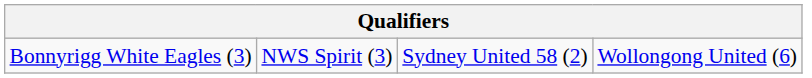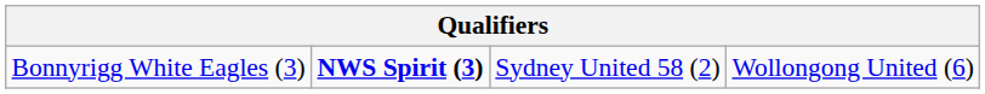 <table class="wikitable" style="text-align:center">
 <tr>
 <th colspan=4>Qualifiers</th>
 </tr>
 <tr>
 <td><a href='#'>Bonnyrigg White Eagles</a> (<a href='#'>3</a>)</td>
-<td><a href='#'>NWS Spirit</a> (<a href='#'>3</a>)</td>
+<td><strong><a href='#'>NWS Spirit</a> (<a href='#'>3</a>)</strong></td>
 <td><a href='#'>Sydney United 58</a> (<a href='#'>2</a>)</td>
 <td><a href='#'>Wollongong United</a> (<a href='#'>6</a>)</td>
 </tr>
 </table>
